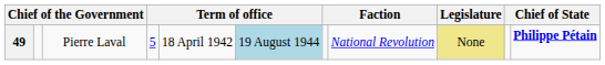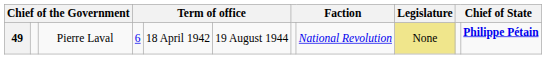 <table class="wikitable" style="text-align:center;">
 <tr>
 <th colspan=3>Chief of the Government<br></th>
 <th colspan=3>Term of office</th>
 <th colspan=2>Faction</th>
 <th>Legislature<br></th>
 <th colspan=2>Chief of State<br></th>
 </tr>
 <tr>
 <th>49</th>
 <td></td>
 <td>Pierre Laval<br></td>
-<td><a href='#'>5</a></td>
+<td><a href='#'>6</a></td>
 <td>18 April 1942</td>
-<td style="background: lightblue;">19 August 1944</td>
+<td>19 August 1944</td>
 <td style="background:"></td>
 <td><em><a href='#'>National Revolution</a></em></td>
 <td style="background: khaki;">None</td>
 <td style="background:"></td>
 <td><strong><a href='#'>Philippe Pétain</a></strong><br><br></td>
 </tr>
 </table>
